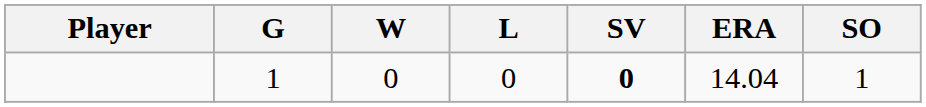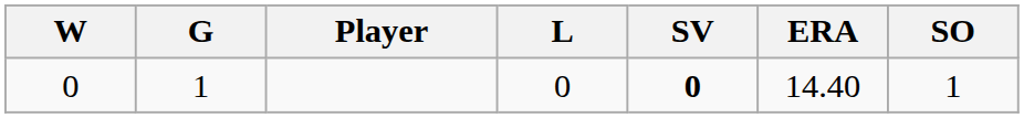 <table class="wikitable sortable">
 <tr>
+<th bgcolor="#DDDDFF" width="9%">W</th>
+<th bgcolor="#DDDDFF" width="9%">G</th>
 <th bgcolor="#DDDDFF" width="16%">Player</th>
-<th bgcolor="#DDDDFF" width="9%">G</th>
-<th bgcolor="#DDDDFF" width="9%">W</th>
 <th bgcolor="#DDDDFF" width="9%">L</th>
 <th bgcolor="#DDDDFF" width="9%">SV</th>
 <th bgcolor="#DDDDFF" width="9%">ERA</th>
 <th bgcolor="#DDDDFF" width="9%">SO</th>
 </tr>
 <tr align="center">
+<td>0</td>
+<td>1</td>
 <td></td>
-<td>1</td>
-<td>0</td>
 <td>0</td>
 <td><strong>0</strong></td>
-<td>14.04</td>
+<td>14.40</td>
 <td>1</td>
 </tr>
 </table>
